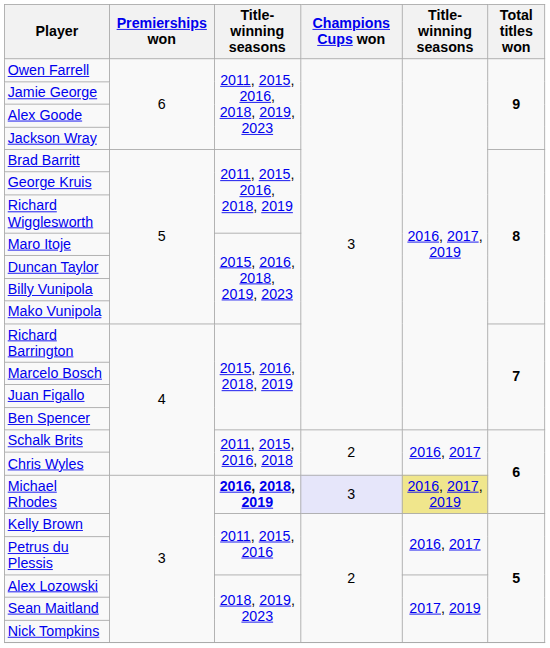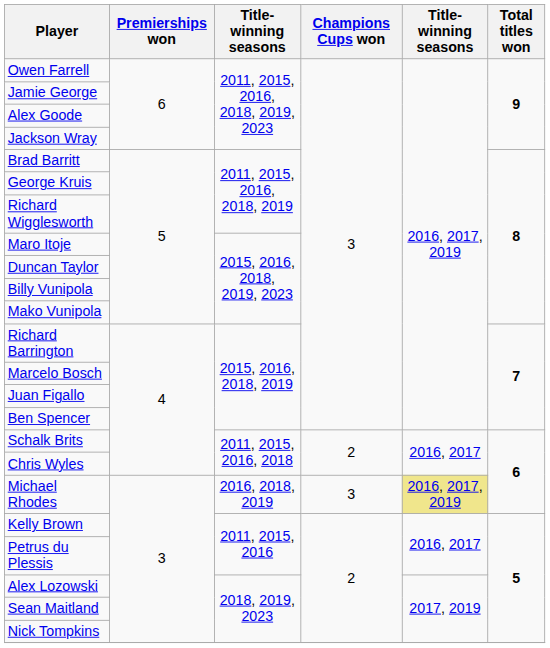 <table class="wikitable sticky-header">
 <tr>
 <th>Player</th>
 <th><a href='#'>Premierships</a> won</th>
 <th>Title-winning seasons</th>
 <th><a href='#'>Champions Cups</a> won</th>
 <th>Title-winning seasons</th>
 <th>Total titles won</th>
 </tr>
 <tr>
 <td> <a href='#'>Owen Farrell</a></td>
 <td align=center rowspan=4>6</td>
 <td align=center rowspan=4><a href='#'>2011</a>, <a href='#'>2015</a>, <a href='#'>2016</a>,<br><a href='#'>2018</a>, <a href='#'>2019</a>, <a href='#'>2023</a></td>
 <td align=center rowspan=15>3</td>
 <td align=center rowspan=15><a href='#'>2016</a>, <a href='#'>2017</a>, <a href='#'>2019</a></td>
 <td align=center rowspan=4><strong>9</strong></td>
 </tr>
 <tr>
 <td> <a href='#'>Jamie George</a></td>
 </tr>
 <tr>
 <td> <a href='#'>Alex Goode</a></td>
 </tr>
 <tr>
 <td> <a href='#'>Jackson Wray</a></td>
 </tr>
 <tr>
 <td> <a href='#'>Brad Barritt</a></td>
 <td align=center rowspan=7>5</td>
 <td align=center rowspan=3><a href='#'>2011</a>, <a href='#'>2015</a>, <a href='#'>2016</a>,<br><a href='#'>2018</a>, <a href='#'>2019</a></td>
 <td align=center rowspan=7><strong>8</strong></td>
 </tr>
 <tr>
 <td> <a href='#'>George Kruis</a></td>
 </tr>
 <tr>
 <td> <a href='#'>Richard Wigglesworth</a></td>
 </tr>
 <tr>
 <td> <a href='#'>Maro Itoje</a></td>
 <td align=center rowspan=4><a href='#'>2015</a>, <a href='#'>2016</a>, <a href='#'>2018</a>,<br><a href='#'>2019</a>, <a href='#'>2023</a></td>
 </tr>
 <tr>
 <td> <a href='#'>Duncan Taylor</a></td>
 </tr>
 <tr>
 <td> <a href='#'>Billy Vunipola</a></td>
 </tr>
 <tr>
 <td> <a href='#'>Mako Vunipola</a></td>
 </tr>
 <tr>
 <td> <a href='#'>Richard Barrington</a></td>
 <td align=center rowspan=6>4</td>
 <td align=center rowspan=4><a href='#'>2015</a>, <a href='#'>2016</a>, <a href='#'>2018</a>, <a href='#'>2019</a></td>
 <td align=center rowspan=4><strong>7</strong></td>
 </tr>
 <tr>
 <td> <a href='#'>Marcelo Bosch</a></td>
 </tr>
 <tr>
 <td> <a href='#'>Juan Figallo</a></td>
 </tr>
 <tr>
 <td> <a href='#'>Ben Spencer</a></td>
 </tr>
 <tr>
 <td> <a href='#'>Schalk Brits</a></td>
 <td align=center rowspan=2><a href='#'>2011</a>, <a href='#'>2015</a>, <a href='#'>2016</a>, <a href='#'>2018</a></td>
 <td align=center rowspan=2>2</td>
 <td align=center rowspan=2><a href='#'>2016</a>, <a href='#'>2017</a></td>
 <td align=center rowspan=3><strong>6</strong></td>
 </tr>
 <tr>
 <td> <a href='#'>Chris Wyles</a></td>
 </tr>
 <tr>
 <td> <a href='#'>Michael Rhodes</a></td>
 <td align=center rowspan=6>3</td>
-<td align=center><strong><a href='#'>2016</a>, <a href='#'>2018</a>, <a href='#'>2019</a></strong></td>
-<td align=center style="background: lavender;">3</td>
+<td align=center><a href='#'>2016</a>, <a href='#'>2018</a>, <a href='#'>2019</a></td>
+<td align=center>3</td>
 <td align=center style="background: khaki;"><a href='#'>2016</a>, <a href='#'>2017</a>, <a href='#'>2019</a></td>
 </tr>
 <tr>
 <td> <a href='#'>Kelly Brown</a></td>
 <td align=center rowspan=2><a href='#'>2011</a>, <a href='#'>2015</a>, <a href='#'>2016</a></td>
 <td align=center rowspan=5>2</td>
 <td align=center rowspan=2><a href='#'>2016</a>, <a href='#'>2017</a></td>
 <td align=center rowspan=5><strong>5</strong></td>
 </tr>
 <tr>
 <td> <a href='#'>Petrus du Plessis</a></td>
 </tr>
 <tr>
 <td> <a href='#'>Alex Lozowski</a></td>
 <td align=center rowspan=3><a href='#'>2018</a>, <a href='#'>2019</a>, <a href='#'>2023</a></td>
 <td align=center rowspan=3><a href='#'>2017</a>, <a href='#'>2019</a></td>
 </tr>
 <tr>
 <td> <a href='#'>Sean Maitland</a></td>
 </tr>
 <tr>
 <td> <a href='#'>Nick Tompkins</a></td>
 </tr>
 <tr>
 </tr>
 </table>
